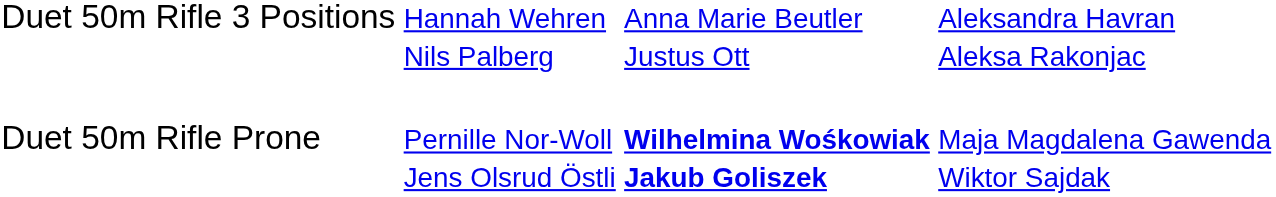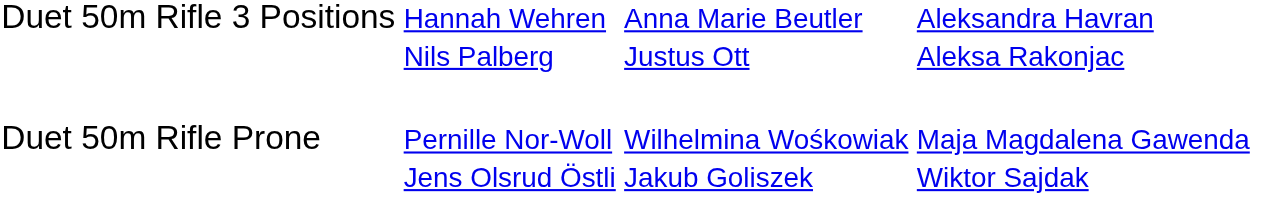 <table>
 <tr>
 <td>Duet 50m Rifle 3 Positions</td>
 <td><br><small><a href='#'>Hannah Wehren</a><br><a href='#'>Nils Palberg</a></small></td>
 <td><br><small><a href='#'>Anna Marie Beutler</a><br><a href='#'>Justus Ott</a></small></td>
 <td><br><small><a href='#'>Aleksandra Havran</a><br><a href='#'>Aleksa Rakonjac</a></small></td>
 </tr>
 <tr>
 <td>Duet 50m Rifle Prone</td>
 <td><br><small><a href='#'>Pernille Nor-Woll</a><br><a href='#'>Jens Olsrud Östli</a></small></td>
-<td><strong><br><small><a href='#'>Wilhelmina Wośkowiak</a><br><a href='#'>Jakub Goliszek</a></small></strong></td>
+<td><br><small><a href='#'>Wilhelmina Wośkowiak</a><br><a href='#'>Jakub Goliszek</a></small></td>
 <td><br><small><a href='#'>Maja Magdalena Gawenda</a><br><a href='#'>Wiktor Sajdak</a></small></td>
 </tr>
 </table>
